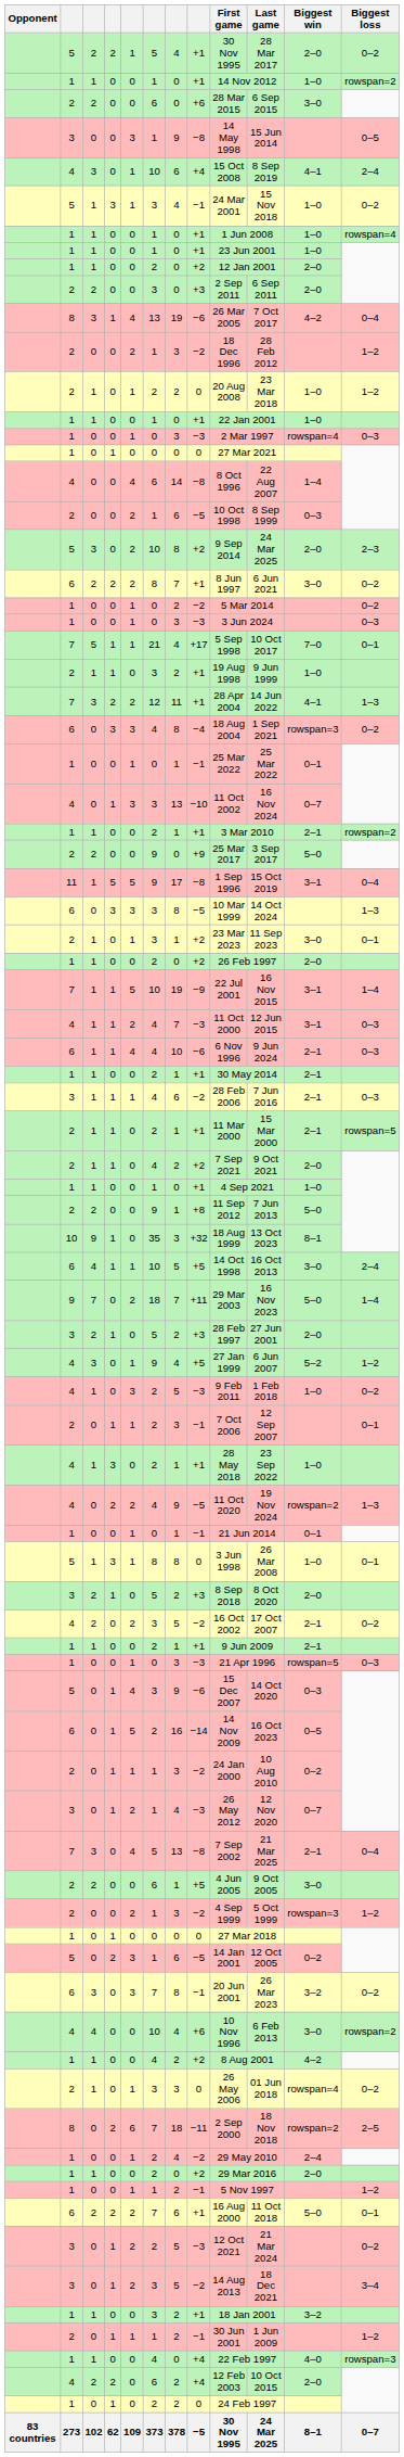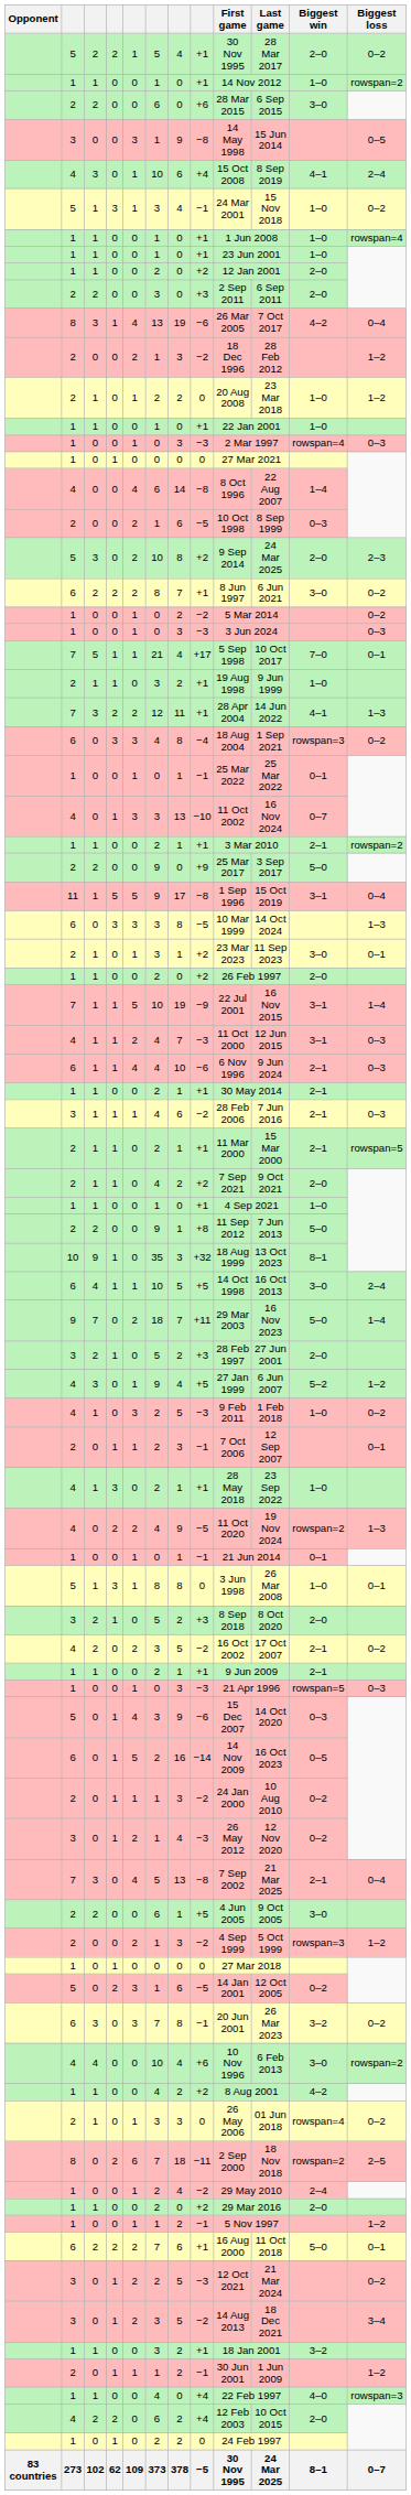 <table class="wikitable sortable collapsible" style="text-align: center">
 <tr>
 <th>Opponent</th>
 <th></th>
 <th></th>
 <th></th>
 <th></th>
 <th></th>
 <th></th>
 <th></th>
 <th>First game</th>
 <th>Last game</th>
 <th>Biggest win</th>
 <th>Biggest loss</th>
 </tr>
 <tr bgcolor="#bbf3bb">
 <td style="text-align:left;"></td>
 <td>5</td>
 <td>2</td>
 <td>2</td>
 <td>1</td>
 <td>5</td>
 <td>4</td>
 <td>+1</td>
 <td>30 Nov 1995</td>
 <td>28 Mar 2017</td>
 <td>2–0</td>
 <td>0–2</td>
 </tr>
 <tr bgcolor="#bbf3bb">
 <td style="text-align:left;"></td>
 <td>1</td>
 <td>1</td>
 <td>0</td>
 <td>0</td>
 <td>1</td>
 <td>0</td>
 <td>+1</td>
 <td colspan=2>14 Nov 2012</td>
 <td>1–0</td>
 <td>rowspan=2 </td>
 </tr>
 <tr bgcolor="#bbf3bb">
 <td style="text-align:left;"></td>
 <td>2</td>
 <td>2</td>
 <td>0</td>
 <td>0</td>
 <td>6</td>
 <td>0</td>
 <td>+6</td>
 <td>28 Mar 2015</td>
 <td>6 Sep 2015</td>
 <td>3–0</td>
 </tr>
 <tr bgcolor="#ffbbbb">
 <td style="text-align:left;"></td>
 <td>3</td>
 <td>0</td>
 <td>0</td>
 <td>3</td>
 <td>1</td>
 <td>9</td>
 <td>−8</td>
 <td>14 May 1998</td>
 <td>15 Jun 2014</td>
 <td></td>
 <td>0–5</td>
 </tr>
 <tr bgcolor="#bbf3bb">
 <td style="text-align:left;"></td>
 <td>4</td>
 <td>3</td>
 <td>0</td>
 <td>1</td>
 <td>10</td>
 <td>6</td>
 <td>+4</td>
 <td>15 Oct 2008</td>
 <td>8 Sep 2019</td>
 <td>4–1</td>
 <td>2–4</td>
 </tr>
 <tr bgcolor="#ffffbb">
 <td style="text-align:left;"></td>
 <td>5</td>
 <td>1</td>
 <td>3</td>
 <td>1</td>
 <td>3</td>
 <td>4</td>
 <td>−1</td>
 <td>24 Mar 2001</td>
 <td>15 Nov 2018</td>
 <td>1–0</td>
 <td>0–2</td>
 </tr>
 <tr bgcolor="#bbf3bb">
 <td style="text-align:left;"></td>
 <td>1</td>
 <td>1</td>
 <td>0</td>
 <td>0</td>
 <td>1</td>
 <td>0</td>
 <td>+1</td>
 <td colspan=2>1 Jun 2008</td>
 <td>1–0</td>
 <td>rowspan=4 </td>
 </tr>
 <tr bgcolor="#bbf3bb">
 <td style="text-align:left;"></td>
 <td>1</td>
 <td>1</td>
 <td>0</td>
 <td>0</td>
 <td>1</td>
 <td>0</td>
 <td>+1</td>
 <td colspan=2>23 Jun 2001</td>
 <td>1–0</td>
 </tr>
 <tr bgcolor="#bbf3bb">
 <td style="text-align:left;"></td>
 <td>1</td>
 <td>1</td>
 <td>0</td>
 <td>0</td>
 <td>2</td>
 <td>0</td>
 <td>+2</td>
 <td colspan=2>12 Jan 2001</td>
 <td>2–0</td>
 </tr>
 <tr bgcolor="#bbf3bb">
 <td style="text-align:left;"></td>
 <td>2</td>
 <td>2</td>
 <td>0</td>
 <td>0</td>
 <td>3</td>
 <td>0</td>
 <td>+3</td>
 <td>2 Sep 2011</td>
 <td>6 Sep 2011</td>
 <td>2–0</td>
 </tr>
 <tr bgcolor="#ffbbbb">
 <td style="text-align:left;"></td>
 <td>8</td>
 <td>3</td>
 <td>1</td>
 <td>4</td>
 <td>13</td>
 <td>19</td>
 <td>−6</td>
 <td>26 Mar 2005</td>
 <td>7 Oct 2017</td>
 <td>4–2</td>
 <td>0–4</td>
 </tr>
 <tr bgcolor="#ffbbbb">
 <td style="text-align:left;"></td>
 <td>2</td>
 <td>0</td>
 <td>0</td>
 <td>2</td>
 <td>1</td>
 <td>3</td>
 <td>−2</td>
 <td>18 Dec 1996</td>
 <td>28 Feb 2012</td>
 <td></td>
 <td>1–2</td>
 </tr>
 <tr bgcolor="#ffffbb">
 <td style="text-align:left;"></td>
 <td>2</td>
 <td>1</td>
 <td>0</td>
 <td>1</td>
 <td>2</td>
 <td>2</td>
 <td>0</td>
 <td>20 Aug 2008</td>
 <td>23 Mar 2018</td>
 <td>1–0</td>
 <td>1–2</td>
 </tr>
 <tr bgcolor="#bbf3bb">
 <td style="text-align:left;"></td>
 <td>1</td>
 <td>1</td>
 <td>0</td>
 <td>0</td>
 <td>1</td>
 <td>0</td>
 <td>+1</td>
 <td colspan=2>22 Jan 2001</td>
 <td>1–0</td>
 <td></td>
 </tr>
 <tr bgcolor="#ffbbbb">
 <td style="text-align:left;"></td>
 <td>1</td>
 <td>0</td>
 <td>0</td>
 <td>1</td>
 <td>0</td>
 <td>3</td>
 <td>−3</td>
 <td colspan=2>2 Mar 1997</td>
 <td>rowspan=4 </td>
 <td>0–3</td>
 </tr>
 <tr bgcolor="#ffffbb">
 <td style="text-align:left;"></td>
 <td>1</td>
 <td>0</td>
 <td>1</td>
 <td>0</td>
 <td>0</td>
 <td>0</td>
 <td>0</td>
 <td colspan=2>27 Mar 2021</td>
 <td></td>
 </tr>
 <tr bgcolor="#ffbbbb">
 <td style="text-align:left;"></td>
 <td>4</td>
 <td>0</td>
 <td>0</td>
 <td>4</td>
 <td>6</td>
 <td>14</td>
 <td>−8</td>
 <td>8 Oct 1996</td>
 <td>22 Aug 2007</td>
 <td>1–4</td>
 </tr>
 <tr bgcolor="#ffbbbb">
 <td style="text-align:left;"></td>
 <td>2</td>
 <td>0</td>
 <td>0</td>
 <td>2</td>
 <td>1</td>
 <td>6</td>
 <td>−5</td>
 <td>10 Oct 1998</td>
 <td>8 Sep 1999</td>
 <td>0–3</td>
 </tr>
 <tr bgcolor="#bbf3bb">
 <td style="text-align:left;"></td>
 <td>5</td>
 <td>3</td>
 <td>0</td>
 <td>2</td>
 <td>10</td>
 <td>8</td>
 <td>+2</td>
 <td>9 Sep 2014</td>
 <td>24 Mar 2025</td>
 <td>2–0</td>
 <td>2–3</td>
 </tr>
 <tr bgcolor="#ffffbb">
 <td style="text-align:left;"></td>
 <td>6</td>
 <td>2</td>
 <td>2</td>
 <td>2</td>
 <td>8</td>
 <td>7</td>
 <td>+1</td>
 <td>8 Jun 1997</td>
 <td>6 Jun 2021</td>
 <td>3–0</td>
 <td>0–2</td>
 </tr>
 <tr bgcolor="#ffbbbb">
 <td style="text-align:left;"></td>
 <td>1</td>
 <td>0</td>
 <td>0</td>
 <td>1</td>
 <td>0</td>
 <td>2</td>
 <td>−2</td>
 <td colspan=2>5 Mar 2014</td>
 <td></td>
 <td>0–2</td>
 </tr>
 <tr bgcolor="#ffbbbb">
 <td style="text-align:left;"></td>
 <td>1</td>
 <td>0</td>
 <td>0</td>
 <td>1</td>
 <td>0</td>
 <td>3</td>
 <td>−3</td>
 <td colspan=2>3 Jun 2024</td>
 <td></td>
 <td>0–3</td>
 </tr>
 <tr bgcolor="#bbf3bb">
 <td style="text-align:left;"></td>
 <td>7</td>
 <td>5</td>
 <td>1</td>
 <td>1</td>
 <td>21</td>
 <td>4</td>
 <td>+17</td>
 <td>5 Sep 1998</td>
 <td>10 Oct 2017</td>
 <td>7–0</td>
 <td>0–1</td>
 </tr>
 <tr bgcolor="#bbf3bb">
 <td style="text-align:left;"></td>
 <td>2</td>
 <td>1</td>
 <td>1</td>
 <td>0</td>
 <td>3</td>
 <td>2</td>
 <td>+1</td>
 <td>19 Aug 1998</td>
 <td>9 Jun 1999</td>
 <td>1–0</td>
 <td></td>
 </tr>
 <tr bgcolor="#bbf3bb">
 <td style="text-align:left;"></td>
 <td>7</td>
 <td>3</td>
 <td>2</td>
 <td>2</td>
 <td>12</td>
 <td>11</td>
 <td>+1</td>
 <td>28 Apr 2004</td>
 <td>14 Jun 2022</td>
 <td>4–1</td>
 <td>1–3</td>
 </tr>
 <tr bgcolor="#ffbbbb">
 <td style="text-align:left;"></td>
 <td>6</td>
 <td>0</td>
 <td>3</td>
 <td>3</td>
 <td>4</td>
 <td>8</td>
 <td>−4</td>
 <td>18 Aug 2004</td>
 <td>1 Sep 2021</td>
 <td>rowspan=3 </td>
 <td>0–2</td>
 </tr>
 <tr bgcolor="ffbbbb">
 <td style="text-align:left;"></td>
 <td>1</td>
 <td>0</td>
 <td>0</td>
 <td>1</td>
 <td>0</td>
 <td>1</td>
 <td>−1</td>
 <td>25 Mar 2022</td>
 <td>25 Mar 2022</td>
 <td>0–1</td>
 </tr>
 <tr bgcolor="#ffbbbb">
 <td style="text-align:left;"></td>
 <td>4</td>
 <td>0</td>
 <td>1</td>
 <td>3</td>
 <td>3</td>
 <td>13</td>
 <td>−10</td>
 <td>11 Oct 2002</td>
 <td>16 Nov 2024</td>
 <td>0–7</td>
 </tr>
 <tr bgcolor="#bbf3bb">
 <td style="text-align:left;"></td>
 <td>1</td>
 <td>1</td>
 <td>0</td>
 <td>0</td>
 <td>2</td>
 <td>1</td>
 <td>+1</td>
 <td colspan=2>3 Mar 2010</td>
 <td>2–1</td>
 <td>rowspan=2 </td>
 </tr>
 <tr bgcolor="#bbf3bb">
 <td style="text-align:left;"></td>
 <td>2</td>
 <td>2</td>
 <td>0</td>
 <td>0</td>
 <td>9</td>
 <td>0</td>
 <td>+9</td>
 <td>25 Mar 2017</td>
 <td>3 Sep 2017</td>
 <td>5–0</td>
 </tr>
 <tr bgcolor="#ffbbbb">
 <td style="text-align:left;"></td>
 <td>11</td>
 <td>1</td>
 <td>5</td>
 <td>5</td>
 <td>9</td>
 <td>17</td>
 <td>−8</td>
 <td>1 Sep 1996</td>
 <td>15 Oct 2019</td>
 <td>3–1</td>
 <td>0–4</td>
 </tr>
 <tr bgcolor="#ffffbb">
 <td style="text-align:left;"></td>
 <td>6</td>
 <td>0</td>
 <td>3</td>
 <td>3</td>
 <td>3</td>
 <td>8</td>
 <td>−5</td>
 <td>10 Mar 1999</td>
 <td>14 Oct 2024</td>
 <td></td>
 <td>1–3</td>
 </tr>
 <tr bgcolor="#ffffbb">
 <td style="text-align:left;"></td>
 <td>2</td>
 <td>1</td>
 <td>0</td>
 <td>1</td>
 <td>3</td>
 <td>1</td>
 <td>+2</td>
 <td>23 Mar 2023</td>
 <td>11 Sep 2023</td>
 <td>3–0</td>
 <td>0–1</td>
 </tr>
 <tr bgcolor="#bbf3bb">
 <td style="text-align:left;"></td>
 <td>1</td>
 <td>1</td>
 <td>0</td>
 <td>0</td>
 <td>2</td>
 <td>0</td>
 <td>+2</td>
 <td colspan=2>26 Feb 1997</td>
 <td>2–0</td>
 <td></td>
 </tr>
 <tr bgcolor="#ffbbbb">
 <td style="text-align:left;"></td>
 <td>7</td>
 <td>1</td>
 <td>1</td>
 <td>5</td>
 <td>10</td>
 <td>19</td>
 <td>−9</td>
 <td>22 Jul 2001</td>
 <td>16 Nov 2015</td>
 <td>3–1</td>
 <td>1–4</td>
 </tr>
 <tr bgcolor="#ffbbbb">
 <td style="text-align:left;"></td>
 <td>4</td>
 <td>1</td>
 <td>1</td>
 <td>2</td>
 <td>4</td>
 <td>7</td>
 <td>−3</td>
 <td>11 Oct 2000</td>
 <td>12 Jun 2015</td>
 <td>3–1</td>
 <td>0–3</td>
 </tr>
 <tr bgcolor="#ffbbbb">
 <td style="text-align:left;"></td>
 <td>6</td>
 <td>1</td>
 <td>1</td>
 <td>4</td>
 <td>4</td>
 <td>10</td>
 <td>−6</td>
 <td>6 Nov 1996</td>
 <td>9 Jun 2024</td>
 <td>2–1</td>
 <td>0–3</td>
 </tr>
 <tr bgcolor="#bbf3bb">
 <td style="text-align:left;"></td>
 <td>1</td>
 <td>1</td>
 <td>0</td>
 <td>0</td>
 <td>2</td>
 <td>1</td>
 <td>+1</td>
 <td colspan=2>30 May 2014</td>
 <td>2–1</td>
 <td></td>
 </tr>
 <tr bgcolor="#ffffbb">
 <td style="text-align:left;"></td>
 <td>3</td>
 <td>1</td>
 <td>1</td>
 <td>1</td>
 <td>4</td>
 <td>6</td>
 <td>−2</td>
 <td>28 Feb 2006</td>
 <td>7 Jun 2016</td>
 <td>2–1</td>
 <td>0–3</td>
 </tr>
 <tr bgcolor="#bbf3bb">
 <td style="text-align:left;"></td>
 <td>2</td>
 <td>1</td>
 <td>1</td>
 <td>0</td>
 <td>2</td>
 <td>1</td>
 <td>+1</td>
 <td>11 Mar 2000</td>
 <td>15 Mar 2000</td>
 <td>2–1</td>
 <td>rowspan=5 </td>
 </tr>
 <tr bgcolor="#bbf3bb">
 <td style="text-align:left;"></td>
 <td>2</td>
 <td>1</td>
 <td>1</td>
 <td>0</td>
 <td>4</td>
 <td>2</td>
 <td>+2</td>
 <td>7 Sep 2021</td>
 <td>9 Oct 2021</td>
 <td>2–0</td>
 </tr>
 <tr bgcolor="#bbf3bb">
 <td style="text-align:left;"></td>
 <td>1</td>
 <td>1</td>
 <td>0</td>
 <td>0</td>
 <td>1</td>
 <td>0</td>
 <td>+1</td>
 <td colspan=2>4 Sep 2021</td>
 <td>1–0</td>
 </tr>
 <tr bgcolor="#bbf3bb">
 <td style="text-align:left;"></td>
 <td>2</td>
 <td>2</td>
 <td>0</td>
 <td>0</td>
 <td>9</td>
 <td>1</td>
 <td>+8</td>
 <td>11 Sep 2012</td>
 <td>7 Jun 2013</td>
 <td>5–0</td>
 </tr>
 <tr bgcolor="#bbf3bb">
 <td style="text-align:left;"></td>
 <td>10</td>
 <td>9</td>
 <td>1</td>
 <td>0</td>
 <td>35</td>
 <td>3</td>
 <td>+32</td>
 <td>18 Aug 1999</td>
 <td>13 Oct 2023</td>
 <td>8–1</td>
 </tr>
 <tr bgcolor="#bbf3bb">
 <td style="text-align:left;"></td>
 <td>6</td>
 <td>4</td>
 <td>1</td>
 <td>1</td>
 <td>10</td>
 <td>5</td>
 <td>+5</td>
 <td>14 Oct 1998</td>
 <td>16 Oct 2013</td>
 <td>3–0</td>
 <td>2–4</td>
 </tr>
 <tr bgcolor="#bbf3bb">
 <td style="text-align:left;"></td>
 <td>9</td>
 <td>7</td>
 <td>0</td>
 <td>2</td>
 <td>18</td>
 <td>7</td>
 <td>+11</td>
 <td>29 Mar 2003</td>
 <td>16 Nov 2023</td>
 <td>5–0</td>
 <td>1–4</td>
 </tr>
 <tr bgcolor="#bbf3bb">
 <td style="text-align:left;"></td>
 <td>3</td>
 <td>2</td>
 <td>1</td>
 <td>0</td>
 <td>5</td>
 <td>2</td>
 <td>+3</td>
 <td>28 Feb 1997</td>
 <td>27 Jun 2001</td>
 <td>2–0</td>
 <td></td>
 </tr>
 <tr bgcolor="#bbf3bb">
 <td style="text-align:left;"></td>
 <td>4</td>
 <td>3</td>
 <td>0</td>
 <td>1</td>
 <td>9</td>
 <td>4</td>
 <td>+5</td>
 <td>27 Jan 1999</td>
 <td>6 Jun 2007</td>
 <td>5–2</td>
 <td>1–2</td>
 </tr>
 <tr bgcolor="#ffbbbb">
 <td style="text-align:left;"></td>
 <td>4</td>
 <td>1</td>
 <td>0</td>
 <td>3</td>
 <td>2</td>
 <td>5</td>
 <td>−3</td>
 <td>9 Feb 2011</td>
 <td>1 Feb 2018</td>
 <td>1–0</td>
 <td>0–2</td>
 </tr>
 <tr bgcolor="#ffbbbb">
 <td style="text-align:left;"></td>
 <td>2</td>
 <td>0</td>
 <td>1</td>
 <td>1</td>
 <td>2</td>
 <td>3</td>
 <td>−1</td>
 <td>7 Oct 2006</td>
 <td>12 Sep 2007</td>
 <td></td>
 <td>0–1</td>
 </tr>
 <tr bgcolor="#bbf3bb">
 <td style="text-align:left;"></td>
 <td>4</td>
 <td>1</td>
 <td>3</td>
 <td>0</td>
 <td>2</td>
 <td>1</td>
 <td>+1</td>
 <td>28 May 2018</td>
 <td>23 Sep 2022</td>
 <td>1–0</td>
 <td></td>
 </tr>
 <tr bgcolor="#ffbbbb">
 <td style="text-align:left;"></td>
 <td>4</td>
 <td>0</td>
 <td>2</td>
 <td>2</td>
 <td>4</td>
 <td>9</td>
 <td>−5</td>
 <td>11 Oct 2020</td>
 <td>19 Nov 2024</td>
 <td>rowspan=2 </td>
 <td>1–3</td>
 </tr>
 <tr bgcolor="#ffbbbb">
 <td style="text-align:left;"></td>
 <td>1</td>
 <td>0</td>
 <td>0</td>
 <td>1</td>
 <td>0</td>
 <td>1</td>
 <td>−1</td>
 <td colspan=2>21 Jun 2014</td>
 <td>0–1</td>
 </tr>
 <tr bgcolor="#ffffbb">
 <td style="text-align:left;"></td>
 <td>5</td>
 <td>1</td>
 <td>3</td>
 <td>1</td>
 <td>8</td>
 <td>8</td>
 <td>0</td>
 <td>3 Jun 1998</td>
 <td>26 Mar 2008</td>
 <td>1–0</td>
 <td>0–1</td>
 </tr>
 <tr bgcolor="#bbf3bb">
 <td style="text-align:left;"></td>
 <td>3</td>
 <td>2</td>
 <td>1</td>
 <td>0</td>
 <td>5</td>
 <td>2</td>
 <td>+3</td>
 <td>8 Sep 2018</td>
 <td>8 Oct 2020</td>
 <td>2–0</td>
 <td></td>
 </tr>
 <tr bgcolor="#ffffbb">
 <td style="text-align:left;"></td>
 <td>4</td>
 <td>2</td>
 <td>0</td>
 <td>2</td>
 <td>3</td>
 <td>5</td>
 <td>−2</td>
 <td>16 Oct 2002</td>
 <td>17 Oct 2007</td>
 <td>2–1</td>
 <td>0–2</td>
 </tr>
 <tr bgcolor="#bbf3bb">
 <td style="text-align:left;"></td>
 <td>1</td>
 <td>1</td>
 <td>0</td>
 <td>0</td>
 <td>2</td>
 <td>1</td>
 <td>+1</td>
 <td colspan=2>9 Jun 2009</td>
 <td>2–1</td>
 <td></td>
 </tr>
 <tr bgcolor="#ffbbbb">
 <td style="text-align:left;"></td>
 <td>1</td>
 <td>0</td>
 <td>0</td>
 <td>1</td>
 <td>0</td>
 <td>3</td>
 <td>−3</td>
 <td colspan=2>21 Apr 1996</td>
 <td>rowspan=5 </td>
 <td>0–3</td>
 </tr>
 <tr bgcolor="#ffbbbb">
 <td style="text-align:left;"></td>
 <td>5</td>
 <td>0</td>
 <td>1</td>
 <td>4</td>
 <td>3</td>
 <td>9</td>
 <td>−6</td>
 <td>15 Dec 2007</td>
 <td>14 Oct 2020</td>
 <td>0–3</td>
 </tr>
 <tr bgcolor="#ffbbbb">
 <td style="text-align:left;"></td>
 <td>6</td>
 <td>0</td>
 <td>1</td>
 <td>5</td>
 <td>2</td>
 <td>16</td>
 <td>−14</td>
 <td>14 Nov 2009</td>
 <td>16 Oct 2023</td>
 <td>0–5</td>
 </tr>
 <tr bgcolor="#ffbbbb">
 <td style="text-align:left;"></td>
 <td>2</td>
 <td>0</td>
 <td>1</td>
 <td>1</td>
 <td>1</td>
 <td>3</td>
 <td>−2</td>
 <td>24 Jan 2000</td>
 <td>10 Aug 2010</td>
 <td>0–2</td>
 </tr>
 <tr bgcolor="#ffbbbb">
 <td style="text-align:left;"></td>
 <td>3</td>
 <td>0</td>
 <td>1</td>
 <td>2</td>
 <td>1</td>
 <td>4</td>
 <td>−3</td>
 <td>26 May 2012</td>
 <td>12 Nov 2020</td>
-<td>0–7</td>
+<td>0–2</td>
 </tr>
 <tr bgcolor="#ffbbbb">
 <td style="text-align:left;"></td>
 <td>7</td>
 <td>3</td>
 <td>0</td>
 <td>4</td>
 <td>5</td>
 <td>13</td>
 <td>−8</td>
 <td>7 Sep 2002</td>
 <td>21 Mar 2025</td>
 <td>2–1</td>
 <td>0–4</td>
 </tr>
 <tr bgcolor="#bbf3bb">
 <td style="text-align:left;"></td>
 <td>2</td>
 <td>2</td>
 <td>0</td>
 <td>0</td>
 <td>6</td>
 <td>1</td>
 <td>+5</td>
 <td>4 Jun 2005</td>
 <td>9 Oct 2005</td>
 <td>3–0</td>
 <td></td>
 </tr>
 <tr bgcolor="#ffbbbb">
 <td style="text-align:left;"></td>
 <td>2</td>
 <td>0</td>
 <td>0</td>
 <td>2</td>
 <td>1</td>
 <td>3</td>
 <td>−2</td>
 <td>4 Sep 1999</td>
 <td>5 Oct 1999</td>
 <td>rowspan=3 </td>
 <td>1–2</td>
 </tr>
 <tr bgcolor="#ffffbb">
 <td style="text-align:left;"></td>
 <td>1</td>
 <td>0</td>
 <td>1</td>
 <td>0</td>
 <td>0</td>
 <td>0</td>
 <td>0</td>
 <td colspan=2>27 Mar 2018</td>
 <td></td>
 </tr>
 <tr bgcolor="#ffbbbb">
 <td style="text-align:left;"></td>
 <td>5</td>
 <td>0</td>
 <td>2</td>
 <td>3</td>
 <td>1</td>
 <td>6</td>
 <td>−5</td>
 <td>14 Jan 2001</td>
 <td>12 Oct 2005</td>
 <td>0–2</td>
 </tr>
 <tr bgcolor="#ffffbb">
 <td style="text-align:left;"></td>
 <td>6</td>
 <td>3</td>
 <td>0</td>
 <td>3</td>
 <td>7</td>
 <td>8</td>
 <td>−1</td>
 <td>20 Jun 2001</td>
 <td>26 Mar 2023</td>
 <td>3–2</td>
 <td>0–2</td>
 </tr>
 <tr bgcolor="#bbf3bb">
 <td style="text-align:left;"></td>
 <td>4</td>
 <td>4</td>
 <td>0</td>
 <td>0</td>
 <td>10</td>
 <td>4</td>
 <td>+6</td>
 <td>10 Nov 1996</td>
 <td>6 Feb 2013</td>
 <td>3–0</td>
 <td>rowspan=2 </td>
 </tr>
 <tr bgcolor="#bbf3bb">
 <td style="text-align:left;"></td>
 <td>1</td>
 <td>1</td>
 <td>0</td>
 <td>0</td>
 <td>4</td>
 <td>2</td>
 <td>+2</td>
 <td colspan=2>8 Aug 2001</td>
 <td>4–2</td>
 </tr>
 <tr bgcolor="#ffffbb">
 <td style="text-align:left;"></td>
 <td>2</td>
 <td>1</td>
 <td>0</td>
 <td>1</td>
 <td>3</td>
 <td>3</td>
 <td>0</td>
 <td>26 May 2006</td>
 <td>01 Jun 2018</td>
 <td>rowspan=4 </td>
 <td>0–2</td>
 </tr>
 <tr bgcolor="#ffbbbb">
 <td style="text-align:left;"></td>
 <td>8</td>
 <td>0</td>
 <td>2</td>
 <td>6</td>
 <td>7</td>
 <td>18</td>
 <td>−11</td>
 <td>2 Sep 2000</td>
 <td>18 Nov 2018</td>
 <td>rowspan=2 </td>
 <td>2–5</td>
 </tr>
 <tr bgcolor="#ffbbbb">
 <td style="text-align:left;"></td>
 <td>1</td>
 <td>0</td>
 <td>0</td>
 <td>1</td>
 <td>2</td>
 <td>4</td>
 <td>−2</td>
 <td colspan=2>29 May 2010</td>
 <td>2–4</td>
 </tr>
 <tr bgcolor="#bbf3bb">
 <td style="text-align:left;"></td>
 <td>1</td>
 <td>1</td>
 <td>0</td>
 <td>0</td>
 <td>2</td>
 <td>0</td>
 <td>+2</td>
 <td colspan=2>29 Mar 2016</td>
 <td>2–0</td>
 <td></td>
 </tr>
 <tr bgcolor="#ffbbbb">
 <td style="text-align:left;"></td>
 <td>1</td>
 <td>0</td>
 <td>0</td>
 <td>1</td>
 <td>1</td>
 <td>2</td>
 <td>−1</td>
 <td colspan=2>5 Nov 1997</td>
 <td></td>
 <td>1–2</td>
 </tr>
 <tr bgcolor="#ffffbb">
 <td style="text-align:left;"></td>
 <td>6</td>
 <td>2</td>
 <td>2</td>
 <td>2</td>
 <td>7</td>
 <td>6</td>
 <td>+1</td>
 <td>16 Aug 2000</td>
 <td>11 Oct 2018</td>
 <td>5–0</td>
 <td>0–1</td>
 </tr>
 <tr bgcolor="#ffbbbb">
 <td style="text-align:left;"></td>
 <td>3</td>
 <td>0</td>
 <td>1</td>
 <td>2</td>
 <td>2</td>
 <td>5</td>
 <td>−3</td>
 <td>12 Oct 2021</td>
 <td>21 Mar 2024</td>
 <td></td>
 <td>0–2</td>
 </tr>
 <tr bgcolor="#ffbbbb">
 <td style="text-align:left;"></td>
 <td>3</td>
 <td>0</td>
 <td>1</td>
 <td>2</td>
 <td>3</td>
 <td>5</td>
 <td>−2</td>
 <td>14 Aug 2013</td>
 <td>18 Dec 2021</td>
 <td></td>
 <td>3–4</td>
 </tr>
 <tr bgcolor="#bbf3bb">
 <td style="text-align:left;"></td>
 <td>1</td>
 <td>1</td>
 <td>0</td>
 <td>0</td>
 <td>3</td>
 <td>2</td>
 <td>+1</td>
 <td colspan=2>18 Jan 2001</td>
 <td>3–2</td>
 <td></td>
 </tr>
 <tr bgcolor="#ffbbbb">
 <td style="text-align:left;"></td>
 <td>2</td>
 <td>0</td>
 <td>1</td>
 <td>1</td>
 <td>1</td>
 <td>2</td>
 <td>−1</td>
 <td>30 Jun 2001</td>
 <td>1 Jun 2009</td>
 <td></td>
 <td>1–2</td>
 </tr>
 <tr bgcolor="#bbf3bb">
 <td style="text-align:left;"></td>
 <td>1</td>
 <td>1</td>
 <td>0</td>
 <td>0</td>
 <td>4</td>
 <td>0</td>
 <td>+4</td>
 <td colspan=2>22 Feb 1997</td>
 <td>4–0</td>
 <td>rowspan=3 </td>
 </tr>
 <tr bgcolor="#bbf3bb">
 <td style="text-align:left;"></td>
 <td>4</td>
 <td>2</td>
 <td>2</td>
 <td>0</td>
 <td>6</td>
 <td>2</td>
 <td>+4</td>
 <td>12 Feb 2003</td>
 <td>10 Oct 2015</td>
 <td>2–0</td>
 </tr>
 <tr bgcolor="#ffffbb">
 <td style="text-align:left;"></td>
 <td>1</td>
 <td>0</td>
 <td>1</td>
 <td>0</td>
 <td>2</td>
 <td>2</td>
 <td>0</td>
 <td colspan=2>24 Feb 1997</td>
 <td></td>
 </tr>
 <tr class="sortbottom">
 <th>83 countries</th>
 <th>273</th>
 <th>102</th>
 <th>62</th>
 <th>109</th>
 <th>373</th>
 <th>378</th>
 <th>−5</th>
 <th>30 Nov 1995</th>
 <th>24 Mar 2025</th>
 <th>8–1</th>
 <th>0–7</th>
 </tr>
 </table>
